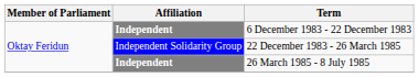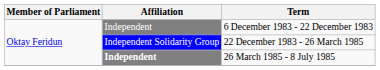 <table class="wikitable">
 <tr>
 <th>Member of Parliament</th>
 <th>Affiliation</th>
 <th>Term</th>
 </tr>
 <tr>
 <td rowspan=3><a href='#'>Oktay Feridun</a></td>
-<td style="background:gray; color:white"><strong>Independent</strong></td>
+<td style="background:gray; color:white">Independent</td>
 <td>6 December 1983 - 22 December 1983</td>
 </tr>
 <tr>
 <td style="background:blue; color:white">Independent Solidarity Group</td>
 <td>22 December 1983 - 26 March 1985</td>
 </tr>
 <tr>
 <td style="background:gray; color:white"><strong>Independent</strong></td>
 <td>26 March 1985 - 8 July 1985</td>
 </tr>
 <tr>
 </tr>
 </table>
